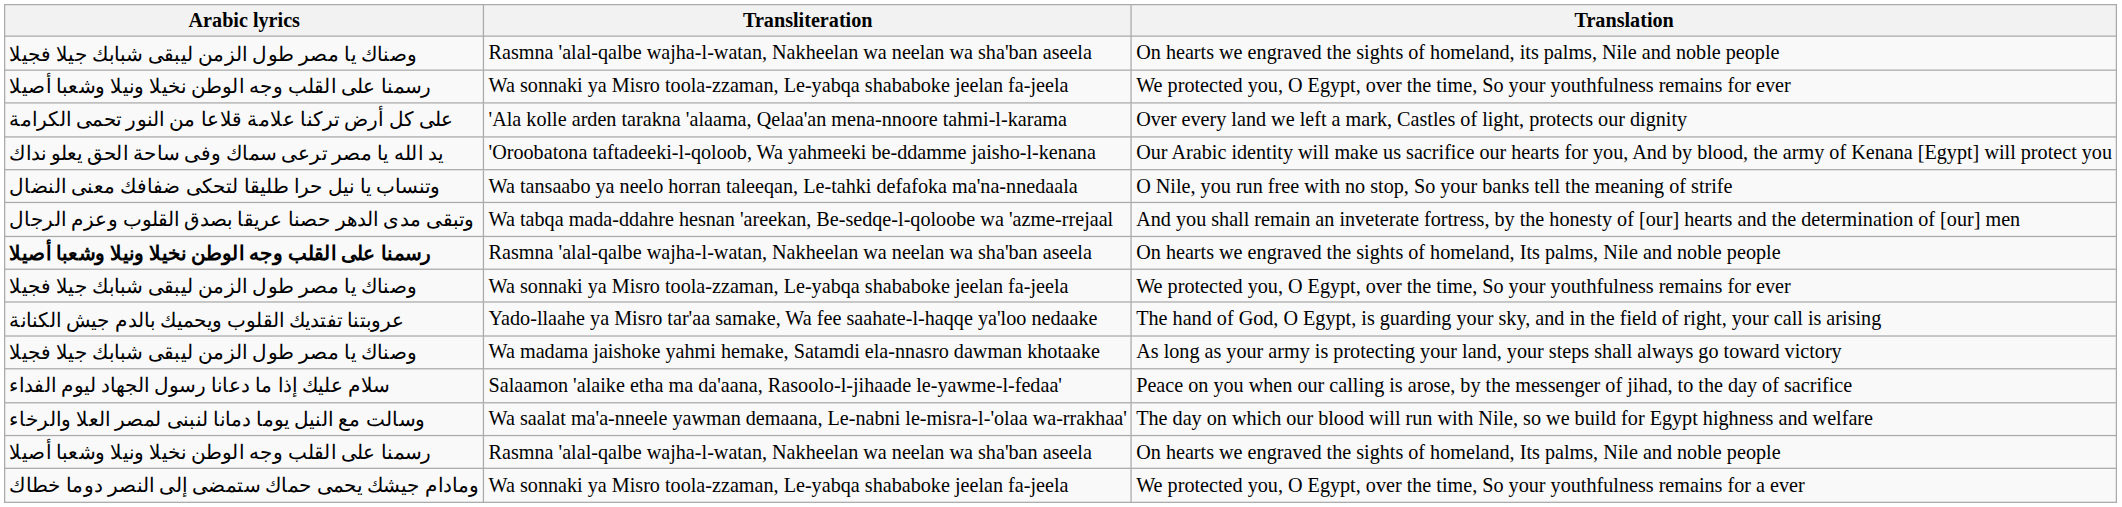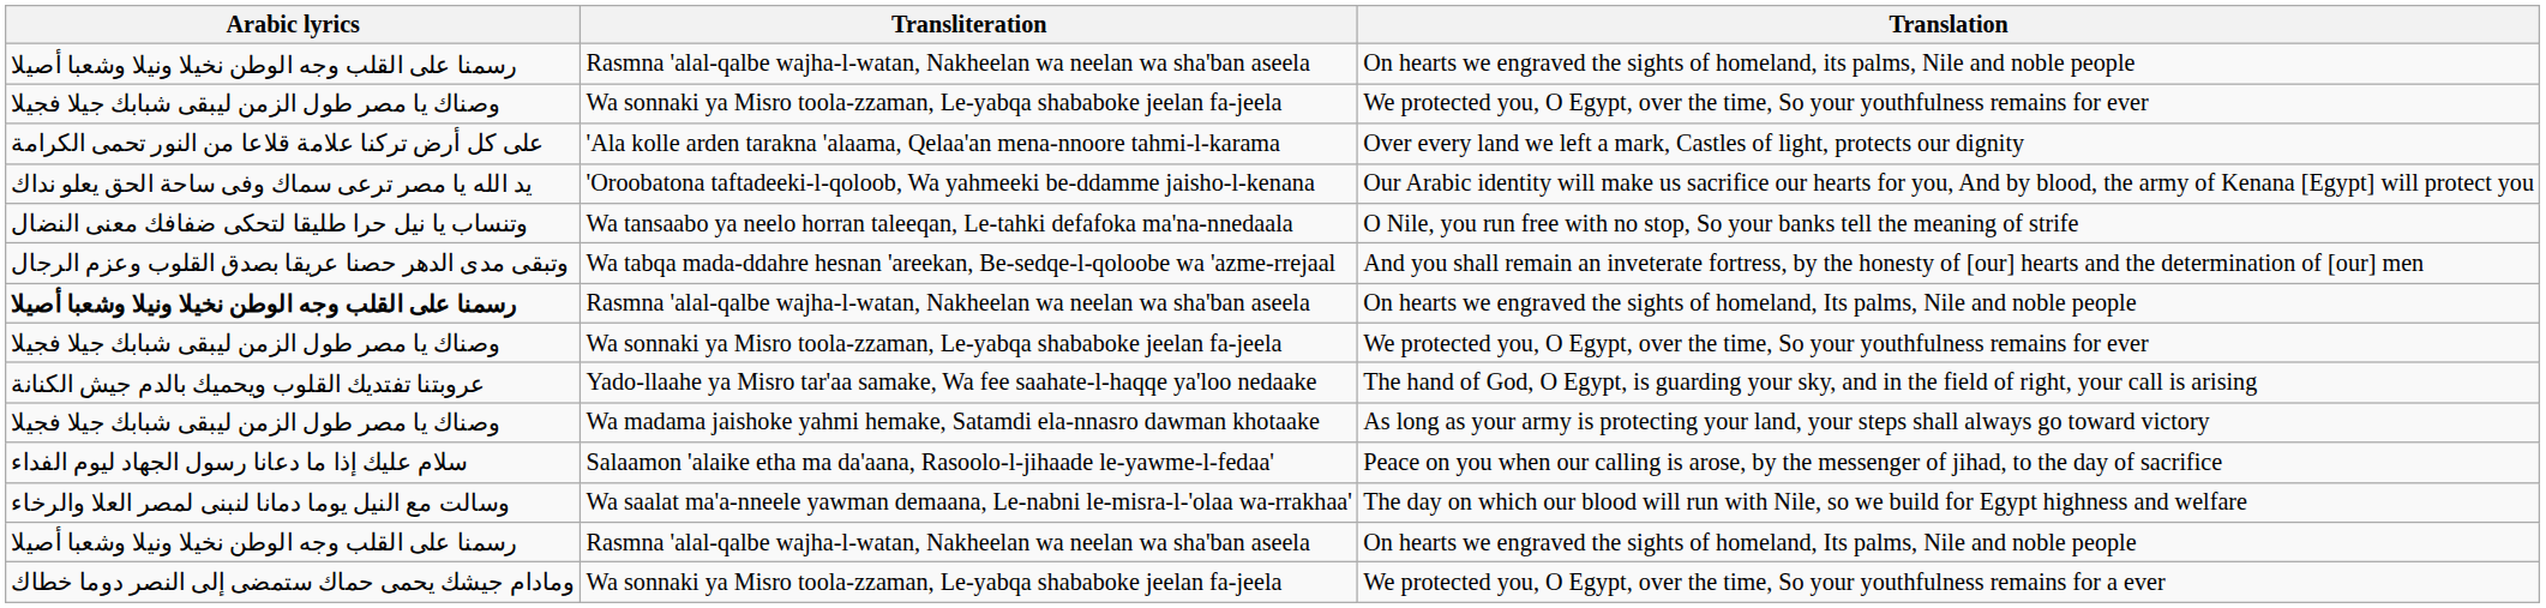 <table class="wikitable">
 <tr>
 <th>Arabic lyrics</th>
 <th>Transliteration</th>
 <th>Translation</th>
 </tr>
 <tr>
-<td>وصناك يا مصر طول الزمن ليبقى شبابك جيلا فجيلا</td>
+<td>رسمنا على القلب وجه الوطن نخيلا ونيلا وشعبا أصيلا</td>
 <td>Rasmna 'alal-qalbe wajha-l-watan, Nakheelan wa neelan wa sha'ban aseela</td>
 <td>On hearts we engraved the sights of homeland, its palms, Nile and noble people</td>
 </tr>
 <tr>
-<td>رسمنا على القلب وجه الوطن نخيلا ونيلا وشعبا أصيلا</td>
+<td>وصناك يا مصر طول الزمن ليبقى شبابك جيلا فجيلا</td>
 <td>Wa sonnaki ya Misro toola-zzaman, Le-yabqa shababoke jeelan fa-jeela</td>
 <td>We protected you, O Egypt, over the time, So your youthfulness remains for ever</td>
 </tr>
 <tr>
 <td>على كل أرض تركنا علامة قلاعا من النور تحمى الكرامة</td>
 <td>'Ala kolle arden tarakna 'alaama, Qelaa'an mena-nnoore tahmi-l-karama</td>
 <td>Over every land we left a mark, Castles of light, protects our dignity</td>
 </tr>
 <tr>
 <td>يد الله يا مصر ترعى سماك وفى ساحة الحق يعلو نداك</td>
 <td>'Oroobatona taftadeeki-l-qoloob, Wa yahmeeki be-ddamme jaisho-l-kenana</td>
 <td>Our Arabic identity will make us sacrifice our hearts for you, And by blood, the army of Kenana [Egypt] will protect you</td>
 </tr>
 <tr>
 <td>وتنساب يا نيل حرا طليقا لتحكى ضفافك معنى النضال</td>
 <td>Wa tansaabo ya neelo horran taleeqan, Le-tahki defafoka ma'na-nnedaala</td>
 <td>O Nile, you run free with no stop, So your banks tell the meaning of strife</td>
 </tr>
 <tr>
 <td>وتبقى مدى الدهر حصنا عريقا بصدق القلوب وعزم الرجال</td>
 <td>Wa tabqa mada-ddahre hesnan 'areekan, Be-sedqe-l-qoloobe wa 'azme-rrejaal</td>
 <td>And you shall remain an inveterate fortress, by the honesty of [our] hearts and the determination of [our] men</td>
 </tr>
 <tr>
 <td><strong>رسمنا على القلب وجه الوطن نخيلا ونيلا وشعبا أصيلا</strong></td>
 <td>Rasmna 'alal-qalbe wajha-l-watan, Nakheelan wa neelan wa sha'ban aseela</td>
 <td>On hearts we engraved the sights of homeland, Its palms, Nile and noble people</td>
 </tr>
 <tr>
 <td>وصناك يا مصر طول الزمن ليبقى شبابك جيلا فجيلا</td>
 <td>Wa sonnaki ya Misro toola-zzaman, Le-yabqa shababoke jeelan fa-jeela</td>
 <td>We protected you, O Egypt, over the time, So your youthfulness remains for ever</td>
 </tr>
 <tr>
 <td>عروبتنا تفتديك القلوب ويحميك بالدم جيش الكنانة</td>
 <td>Yado-llaahe ya Misro tar'aa samake, Wa fee saahate-l-haqqe ya'loo nedaake</td>
 <td>The hand of God, O Egypt, is guarding your sky, and in the field of right, your call is arising</td>
 </tr>
 <tr>
 <td>وصناك يا مصر طول الزمن ليبقى شبابك جيلا فجيلا</td>
 <td>Wa madama jaishoke yahmi hemake, Satamdi ela-nnasro dawman khotaake</td>
 <td>As long as your army is protecting your land, your steps shall always go toward victory</td>
 </tr>
 <tr>
 <td>سلام عليك إذا ما دعانا رسول الجهاد ليوم الفداء</td>
 <td>Salaamon 'alaike etha ma da'aana, Rasoolo-l-jihaade le-yawme-l-fedaa'</td>
 <td>Peace on you when our calling is arose, by the messenger of jihad, to the day of sacrifice</td>
 </tr>
 <tr>
 <td>وسالت مع النيل يوما دمانا لنبنى لمصر العلا والرخاء</td>
 <td>Wa saalat ma'a-nneele yawman demaana, Le-nabni le-misra-l-'olaa wa-rrakhaa'</td>
 <td>The day on which our blood will run with Nile, so we build for Egypt highness and welfare</td>
 </tr>
 <tr>
 <td>رسمنا على القلب وجه الوطن نخيلا ونيلا وشعبا أصيلا</td>
 <td>Rasmna 'alal-qalbe wajha-l-watan, Nakheelan wa neelan wa sha'ban aseela</td>
 <td>On hearts we engraved the sights of homeland, Its palms, Nile and noble people</td>
 </tr>
 <tr>
 <td>ومادام جيشك يحمى حماك ستمضى إلى النصر دوما خطاك</td>
 <td>Wa sonnaki ya Misro toola-zzaman, Le-yabqa shababoke jeelan fa-jeela</td>
 <td>We protected you, O Egypt, over the time, So your youthfulness remains for a ever</td>
 </tr>
 </table>
